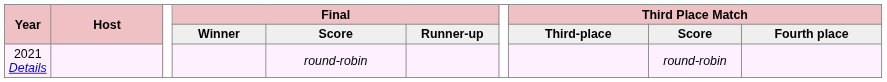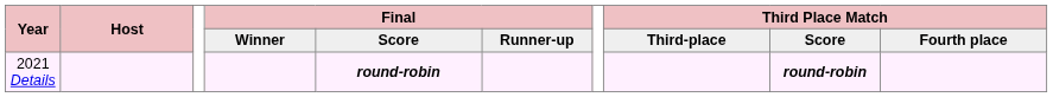 <table border="1" style="border-collapse:collapse; font-size:90%; text-align:center;" cellpadding=3 cellspacing=0 width:=100%>
 <tr style="background:#EFC1C4">
 <th rowspan=2 width=5%>Year</th>
 <th rowspan=2 width=12%>Host</th>
 <th width=1% rowspan=14 style="background:#ffffff;"></th>
 <th colspan=3>Final</th>
 <th width=1% rowspan=14 style="background:#ffffff;"></th>
 <th colspan=3>Third Place Match</th>
 </tr>
 <tr bgcolor="#EFEFEF">
 <th width=10%>Winner</th>
 <th width=15%>Score</th>
 <th width=10%>Runner-up</th>
 <th width=15%>Third-place</th>
 <th width=10%>Score</th>
 <th width=15%>Fourth place</th>
 </tr>
 <tr style="background:#fff0ff;">
 <td>2021<br><em><a href='#'>Details</a></em></td>
 <td></td>
 <td><strong></strong></td>
-<td><em>round-robin</em></td>
+<td><strong><em>round-robin</em></strong></td>
 <td><strong></strong></td>
 <td><strong></strong></td>
-<td><em>round-robin</em></td>
+<td><strong><em>round-robin</em></strong></td>
 <td><strong></strong></td>
 </tr>
 </table>
